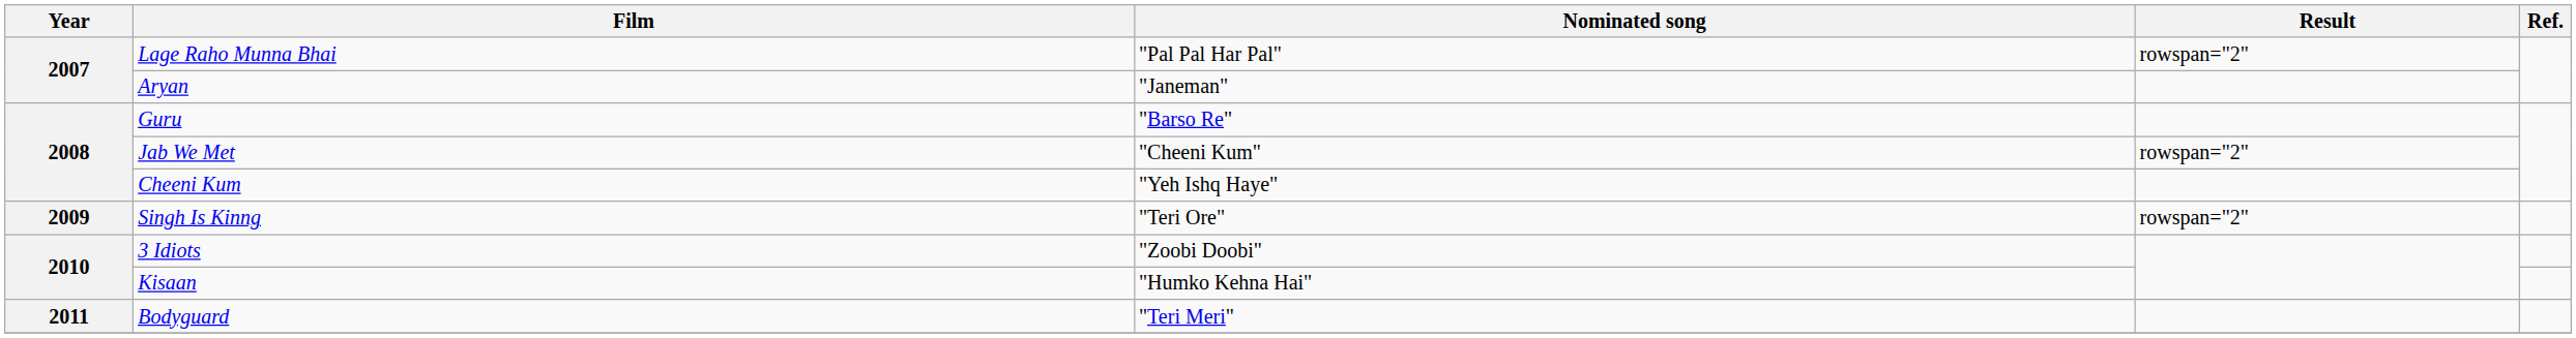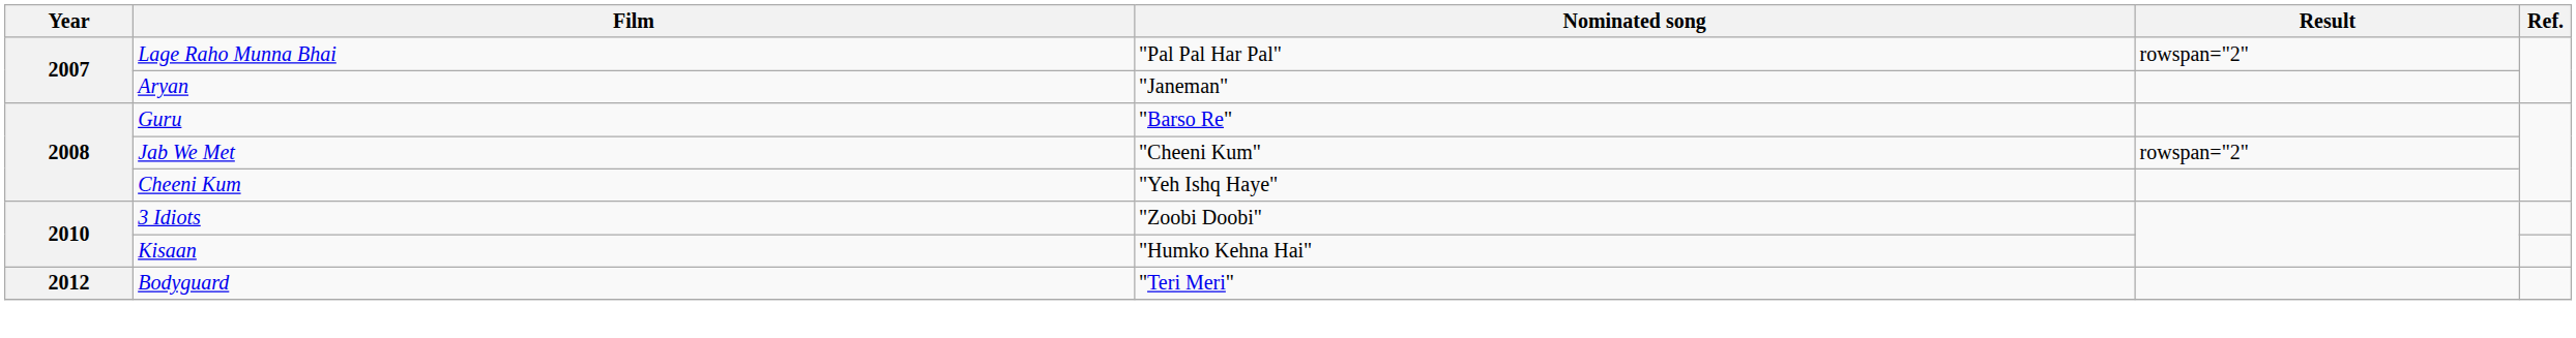 <table class="wikitable plainrowheaders" width="100%" textcolor:#000;">
 <tr>
 <th scope="col" width=5%><strong>Year</strong></th>
 <th scope="col" width=39%><strong>Film</strong></th>
 <th scope="col" width=39%><strong>Nominated song</strong></th>
 <th scope="col" width=15%><strong>Result</strong></th>
 <th scope="col" width=2%><strong>Ref.</strong></th>
 </tr>
 <tr>
 <th scope="row" rowspan="2">2007</th>
 <td><em><a href='#'>Lage Raho Munna Bhai</a></em></td>
 <td>"Pal Pal Har Pal"</td>
 <td>rowspan="2" </td>
 <td rowspan="2"></td>
 </tr>
 <tr>
 <td><a href='#'><em>Aryan</em></a></td>
 <td>"Janeman"</td>
 </tr>
 <tr>
 <th scope="row" rowspan="3">2008</th>
 <td><a href='#'><em>Guru</em></a></td>
 <td>"<a href='#'>Barso Re</a>"</td>
 <td></td>
 <td rowspan="3"></td>
 </tr>
 <tr>
 <td><em><a href='#'>Jab We Met</a></em></td>
 <td>"Cheeni Kum"</td>
 <td>rowspan="2" </td>
 </tr>
 <tr>
 <td><em><a href='#'>Cheeni Kum</a></em></td>
 <td>"Yeh Ishq Haye"</td>
 </tr>
 <tr>
-<th scope="row">2009</th>
-<td><em><a href='#'>Singh Is Kinng</a></em></td>
-<td>"Teri Ore"</td>
-<td>rowspan="2" </td>
-<td></td>
-</tr>
-<tr>
 <th scope="row" rowspan="2">2010</th>
 <td><em><a href='#'>3 Idiots</a></em></td>
 <td>"Zoobi Doobi"</td>
 <td rowspan="2"></td>
 </tr>
 <tr>
 <td><em><a href='#'>Kisaan</a></em></td>
 <td>"Humko Kehna Hai"</td>
 <td></td>
 </tr>
 <tr>
-<th scope="row">2011</th>
+<th scope="row">2012</th>
 <td><a href='#'><em>Bodyguard</em></a></td>
 <td>"<a href='#'>Teri Meri</a>"</td>
 <td></td>
 <td></td>
 </tr>
 <tr>
 </tr>
 </table>
